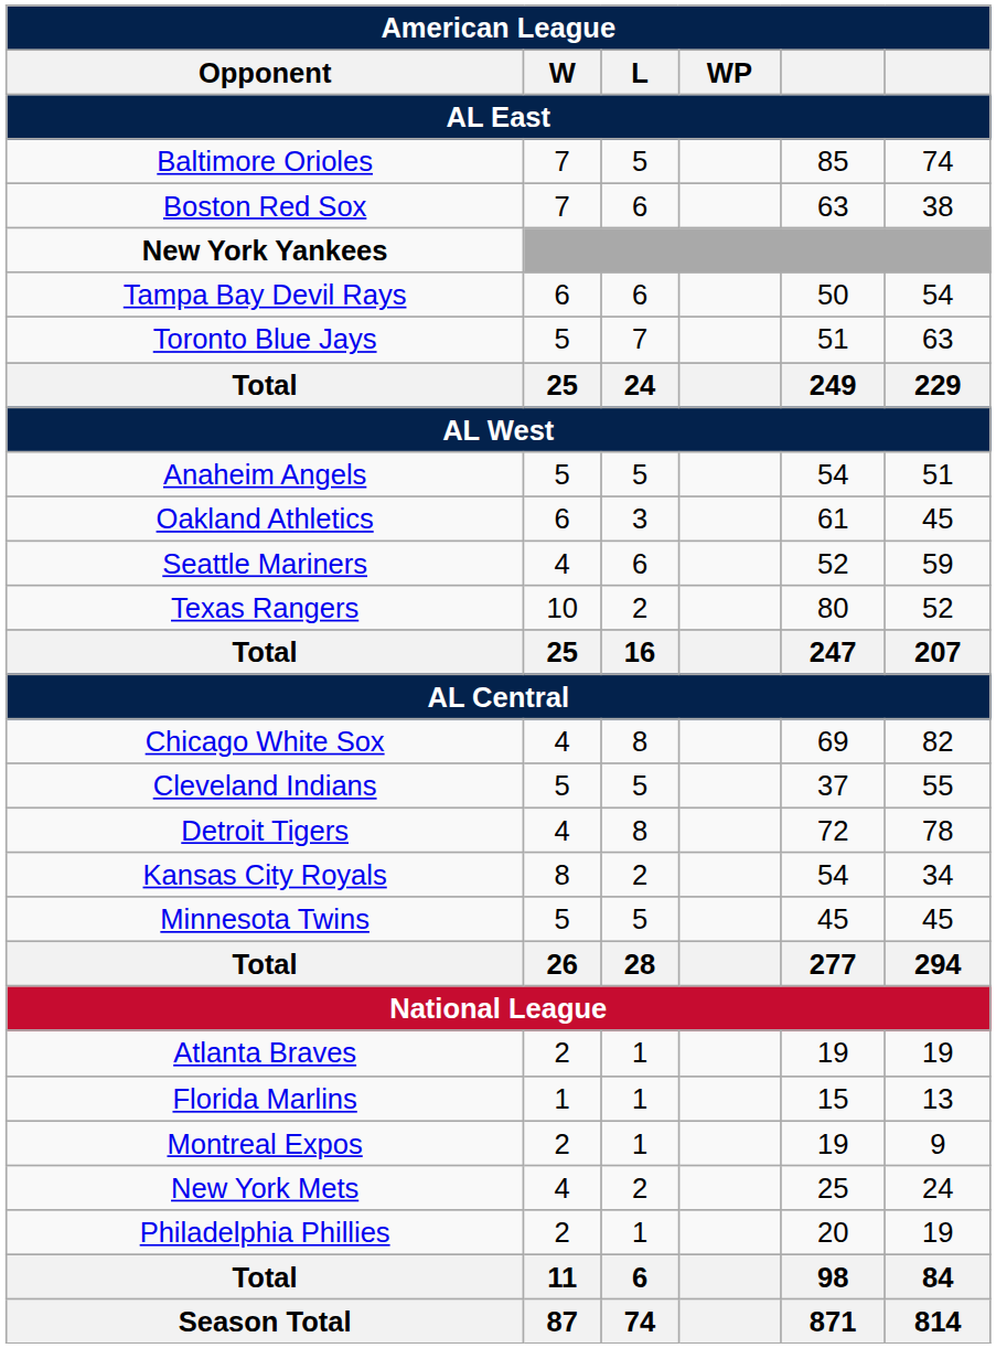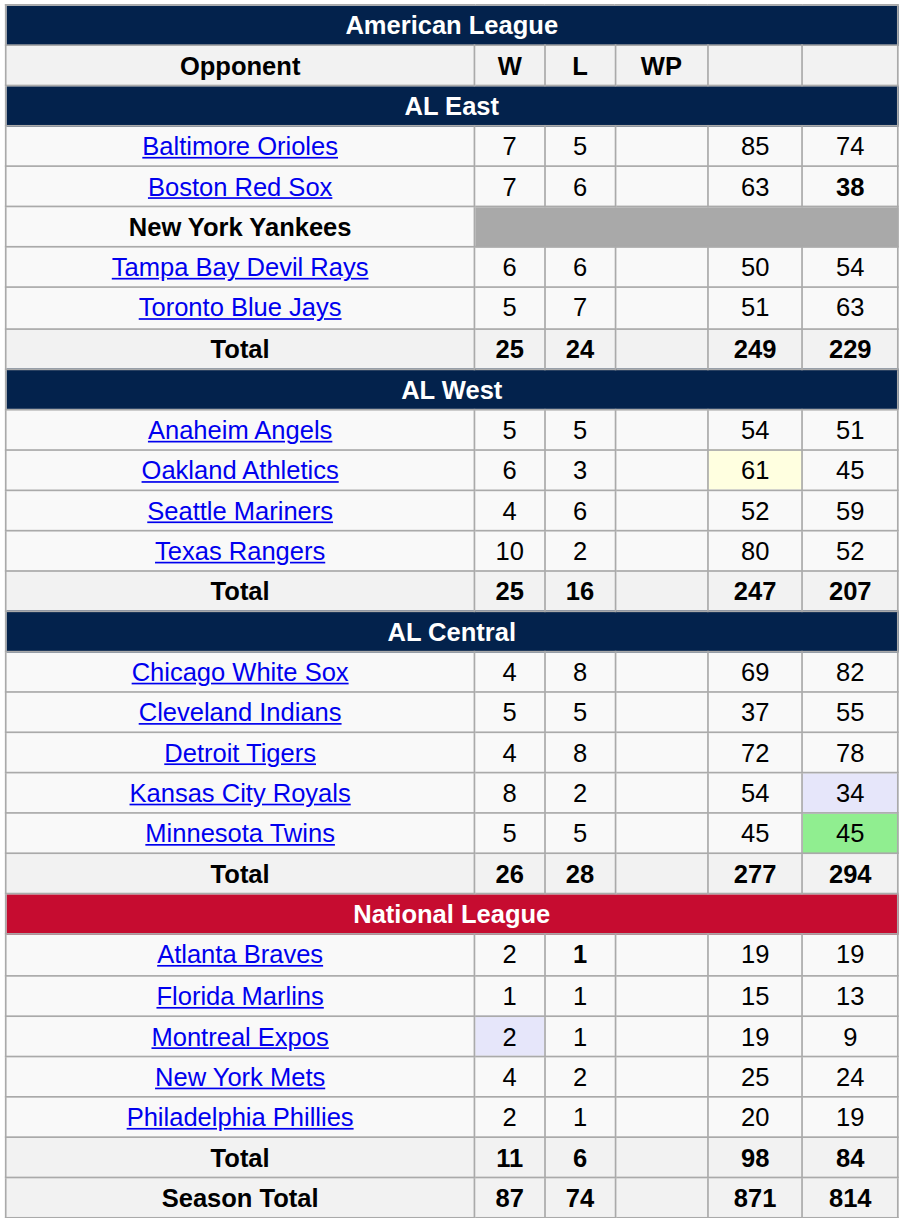 <table class="wikitable" style="font-size:95%; text-align:center; width:35em;margin: 0.5em auto;">
 <tr>
 <th colspan="7" style="background:#03224c; color:#ffffff;">American League</th>
 </tr>
 <tr>
 <th>Opponent</th>
 <th>W</th>
 <th>L</th>
 <th>WP</th>
 <th></th>
 <th></th>
 </tr>
 <tr>
 <th colspan="7" style="background:#03224c; color:#ffffff;">AL East</th>
 </tr>
 <tr>
 <td><a href='#'>Baltimore Orioles</a></td>
 <td>7</td>
 <td>5</td>
 <td></td>
 <td>85</td>
 <td>74</td>
 </tr>
 <tr>
 <td><a href='#'>Boston Red Sox</a></td>
 <td>7</td>
 <td>6</td>
 <td></td>
 <td>63</td>
-<td>38</td>
+<td><strong>38</strong></td>
 </tr>
 <tr>
 <td><strong>New York Yankees</strong></td>
 <td colspan=5 style="background:darkgray;"></td>
 </tr>
 <tr>
 <td><a href='#'>Tampa Bay Devil Rays</a></td>
 <td>6</td>
 <td>6</td>
 <td></td>
 <td>50</td>
 <td>54</td>
 </tr>
 <tr>
 <td><a href='#'>Toronto Blue Jays</a></td>
 <td>5</td>
 <td>7</td>
 <td></td>
 <td>51</td>
 <td>63</td>
 </tr>
 <tr>
 <th>Total</th>
 <th>25</th>
 <th>24</th>
 <th></th>
 <th>249</th>
 <th>229</th>
 </tr>
 <tr>
 <th colspan="7" style="background:#03224c; color:#ffffff;">AL West</th>
 </tr>
 <tr>
 <td><a href='#'>Anaheim Angels</a></td>
 <td>5</td>
 <td>5</td>
 <td></td>
 <td>54</td>
 <td>51</td>
 </tr>
 <tr>
 <td><a href='#'>Oakland Athletics</a></td>
 <td>6</td>
 <td>3</td>
 <td></td>
-<td>61</td>
+<td style="background: lightyellow;">61</td>
 <td>45</td>
 </tr>
 <tr>
 <td><a href='#'>Seattle Mariners</a></td>
 <td>4</td>
 <td>6</td>
 <td></td>
 <td>52</td>
 <td>59</td>
 </tr>
 <tr>
 <td><a href='#'>Texas Rangers</a></td>
 <td>10</td>
 <td>2</td>
 <td></td>
 <td>80</td>
 <td>52</td>
 </tr>
 <tr>
 <th>Total</th>
 <th>25</th>
 <th>16</th>
 <th></th>
 <th>247</th>
 <th>207</th>
 </tr>
 <tr>
 <th colspan="7" style="background:#03224c; color:#ffffff;">AL Central</th>
 </tr>
 <tr>
 <td><a href='#'>Chicago White Sox</a></td>
 <td>4</td>
 <td>8</td>
 <td></td>
 <td>69</td>
 <td>82</td>
 </tr>
 <tr>
 <td><a href='#'>Cleveland Indians</a></td>
 <td>5</td>
 <td>5</td>
 <td></td>
 <td>37</td>
 <td>55</td>
 </tr>
 <tr>
 <td><a href='#'>Detroit Tigers</a></td>
 <td>4</td>
 <td>8</td>
 <td></td>
 <td>72</td>
 <td>78</td>
 </tr>
 <tr>
 <td><a href='#'>Kansas City Royals</a></td>
 <td>8</td>
 <td>2</td>
 <td></td>
 <td>54</td>
-<td>34</td>
+<td style="background: lavender;">34</td>
 </tr>
 <tr>
 <td><a href='#'>Minnesota Twins</a></td>
 <td>5</td>
 <td>5</td>
 <td></td>
 <td>45</td>
-<td>45</td>
+<td style="background: lightgreen;">45</td>
 </tr>
 <tr>
 <th>Total</th>
 <th>26</th>
 <th>28</th>
 <th></th>
 <th>277</th>
 <th>294</th>
 </tr>
 <tr>
 <th colspan="7" style="background:#c60c30; color:#ffffff;">National League</th>
 </tr>
 <tr>
 <td><a href='#'>Atlanta Braves</a></td>
 <td>2</td>
-<td>1</td>
+<td><strong>1</strong></td>
 <td></td>
 <td>19</td>
 <td>19</td>
 </tr>
 <tr>
 <td><a href='#'>Florida Marlins</a></td>
 <td>1</td>
 <td>1</td>
 <td></td>
 <td>15</td>
 <td>13</td>
 </tr>
 <tr>
 <td><a href='#'>Montreal Expos</a></td>
-<td>2</td>
+<td style="background: lavender;">2</td>
 <td>1</td>
 <td></td>
 <td>19</td>
 <td>9</td>
 </tr>
 <tr>
 <td><a href='#'>New York Mets</a></td>
 <td>4</td>
 <td>2</td>
 <td></td>
 <td>25</td>
 <td>24</td>
 </tr>
 <tr>
 <td><a href='#'>Philadelphia Phillies</a></td>
 <td>2</td>
 <td>1</td>
 <td></td>
 <td>20</td>
 <td>19</td>
 </tr>
 <tr>
 <th>Total</th>
 <th>11</th>
 <th>6</th>
 <th></th>
 <th>98</th>
 <th>84</th>
 </tr>
 <tr>
 <th>Season Total</th>
 <th>87</th>
 <th>74</th>
 <th></th>
 <th>871</th>
 <th>814</th>
 </tr>
 </table>
